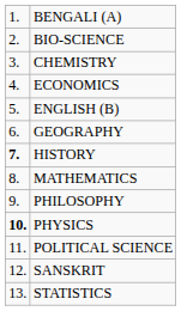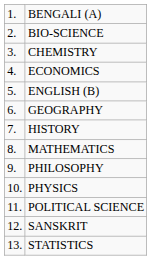 <table class="wikitable">
 <tr>
 <td>1.</td>
 <td>BENGALI (A)</td>
 </tr>
 <tr>
 <td>2.</td>
 <td>BIO-SCIENCE</td>
 </tr>
 <tr>
 <td>3.</td>
 <td>CHEMISTRY</td>
 </tr>
 <tr>
 <td>4.</td>
 <td>ECONOMICS</td>
 </tr>
 <tr>
 <td>5.</td>
 <td>ENGLISH (B)</td>
 </tr>
 <tr>
 <td>6.</td>
 <td>GEOGRAPHY</td>
 </tr>
 <tr>
-<td><strong>7.</strong></td>
+<td>7.</td>
 <td>HISTORY</td>
 </tr>
 <tr>
 <td>8.</td>
 <td>MATHEMATICS</td>
 </tr>
 <tr>
 <td>9.</td>
 <td>PHILOSOPHY</td>
 </tr>
 <tr>
-<td><strong>10.</strong></td>
+<td>10.</td>
 <td>PHYSICS</td>
 </tr>
 <tr>
 <td>11.</td>
 <td>POLITICAL SCIENCE</td>
 </tr>
 <tr>
 <td>12.</td>
 <td>SANSKRIT</td>
 </tr>
 <tr>
 <td>13.</td>
 <td>STATISTICS</td>
 </tr>
 </table>
